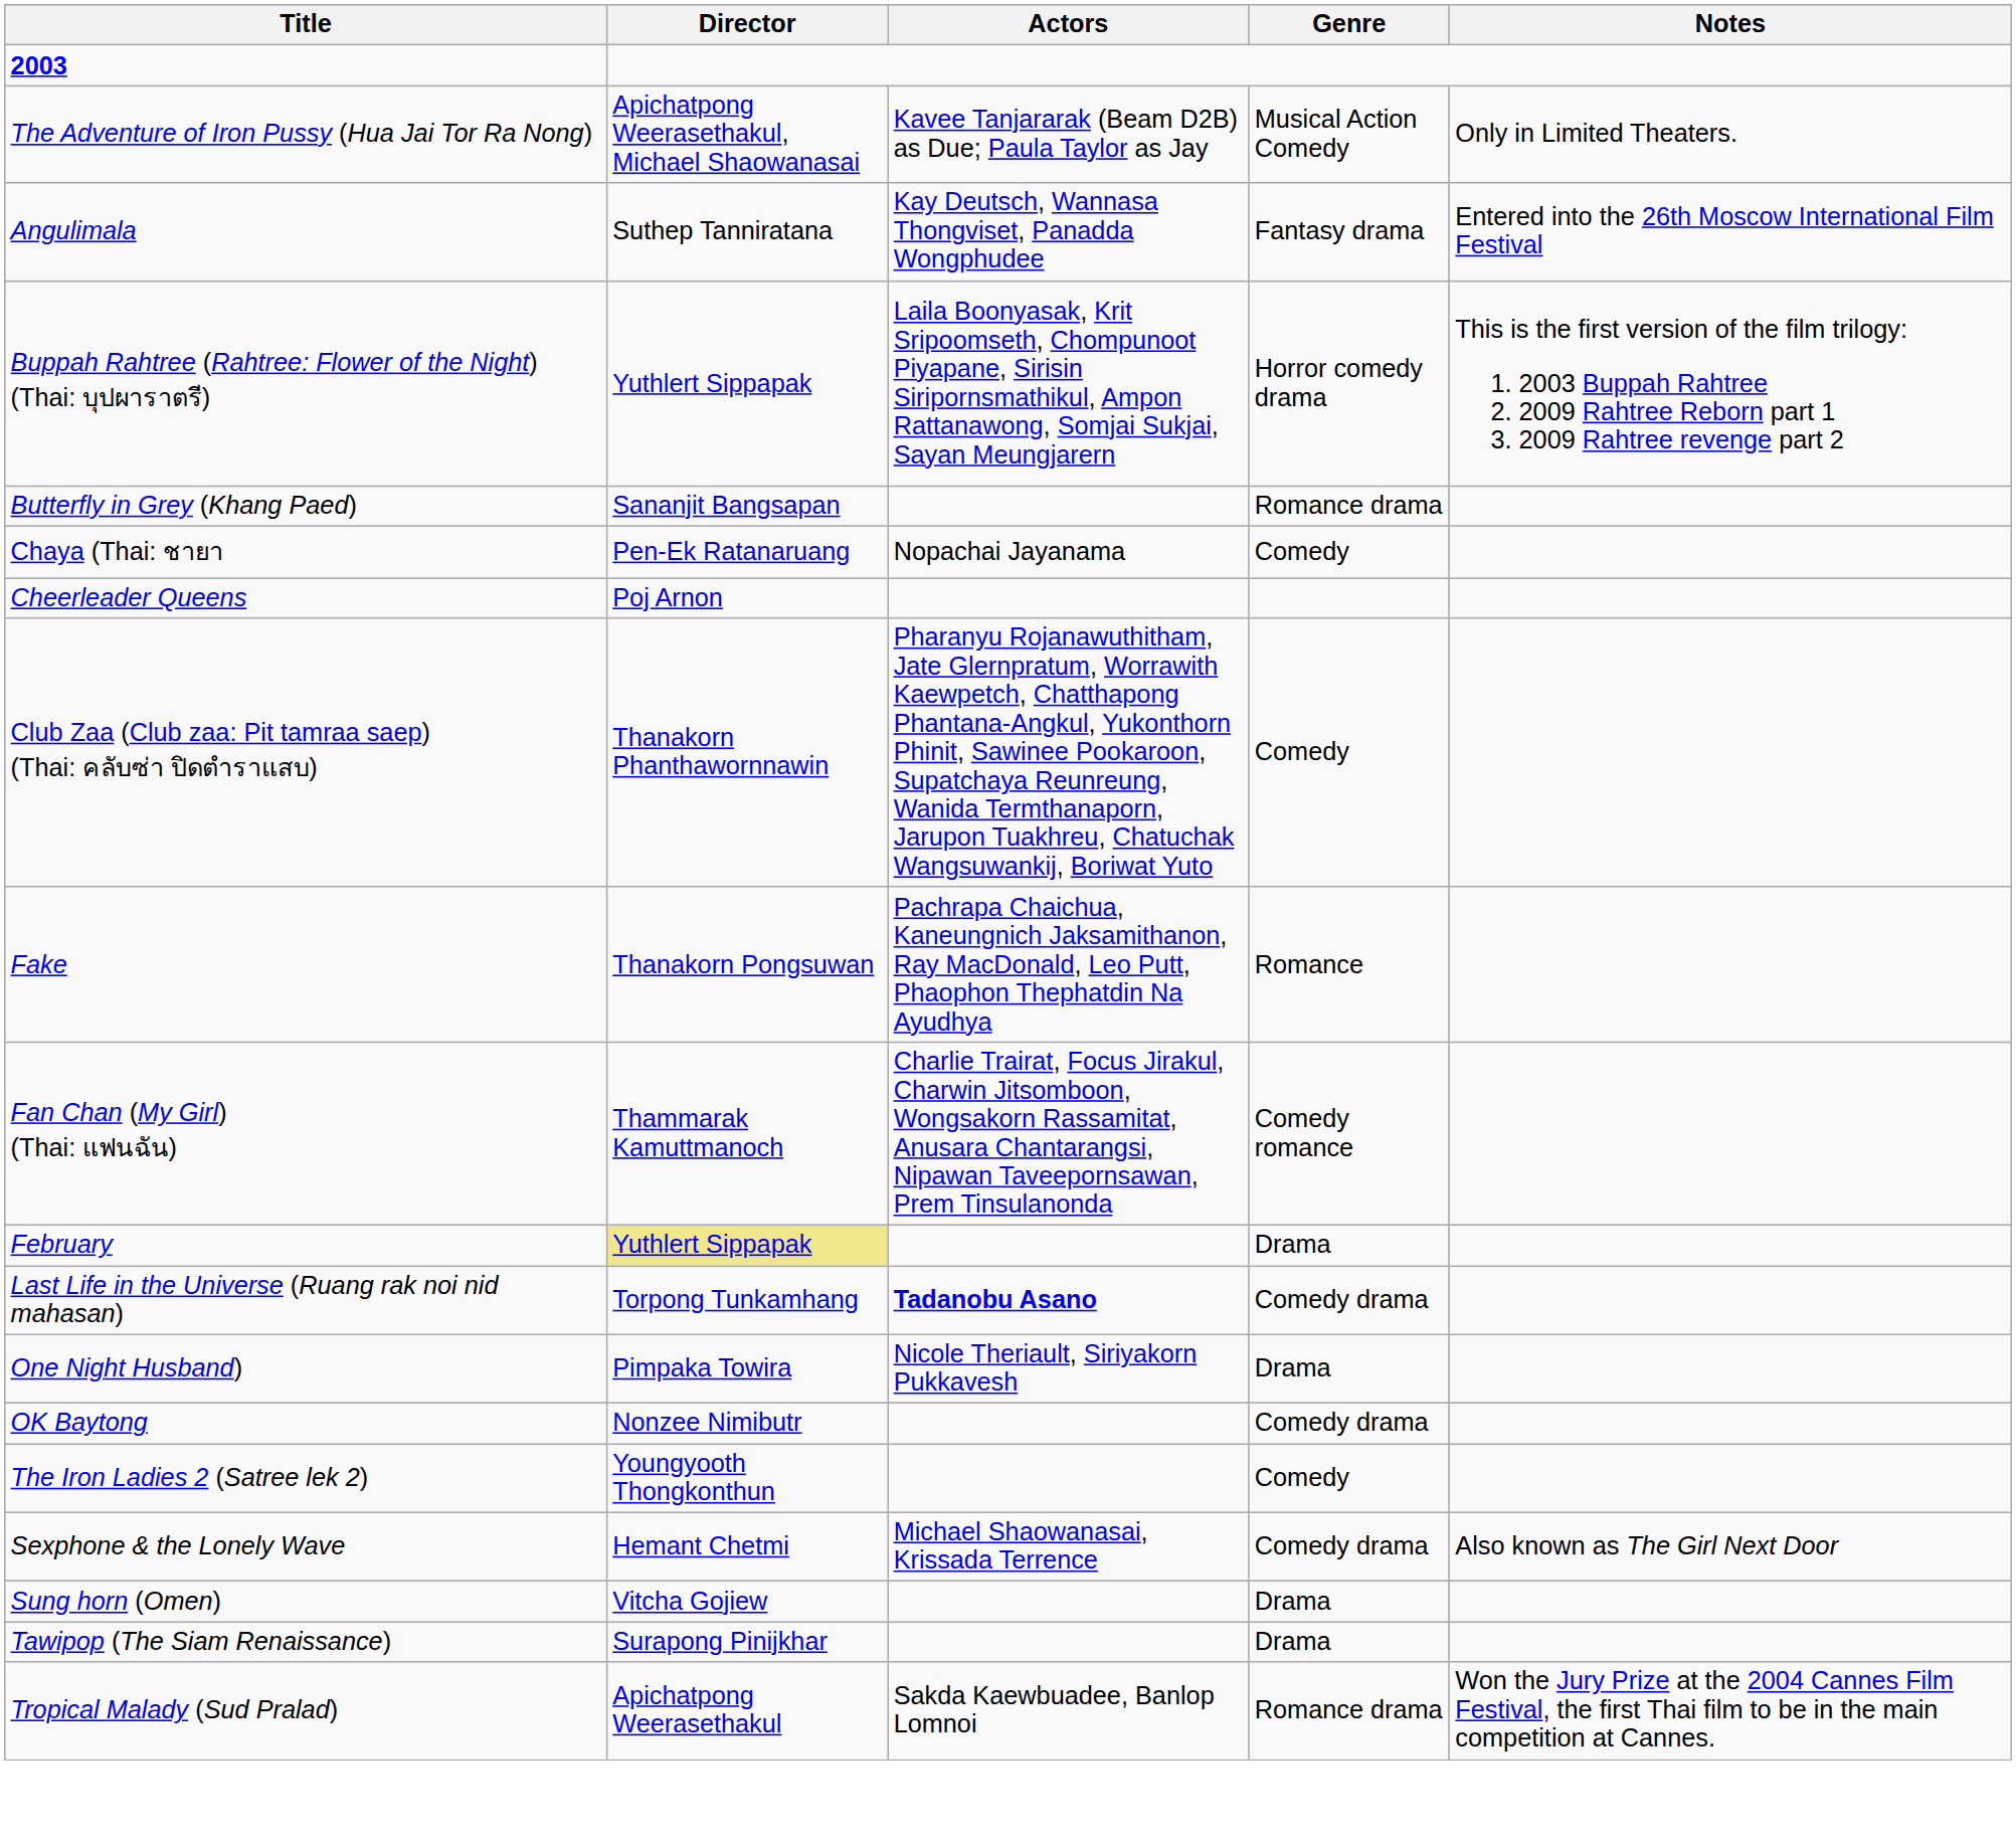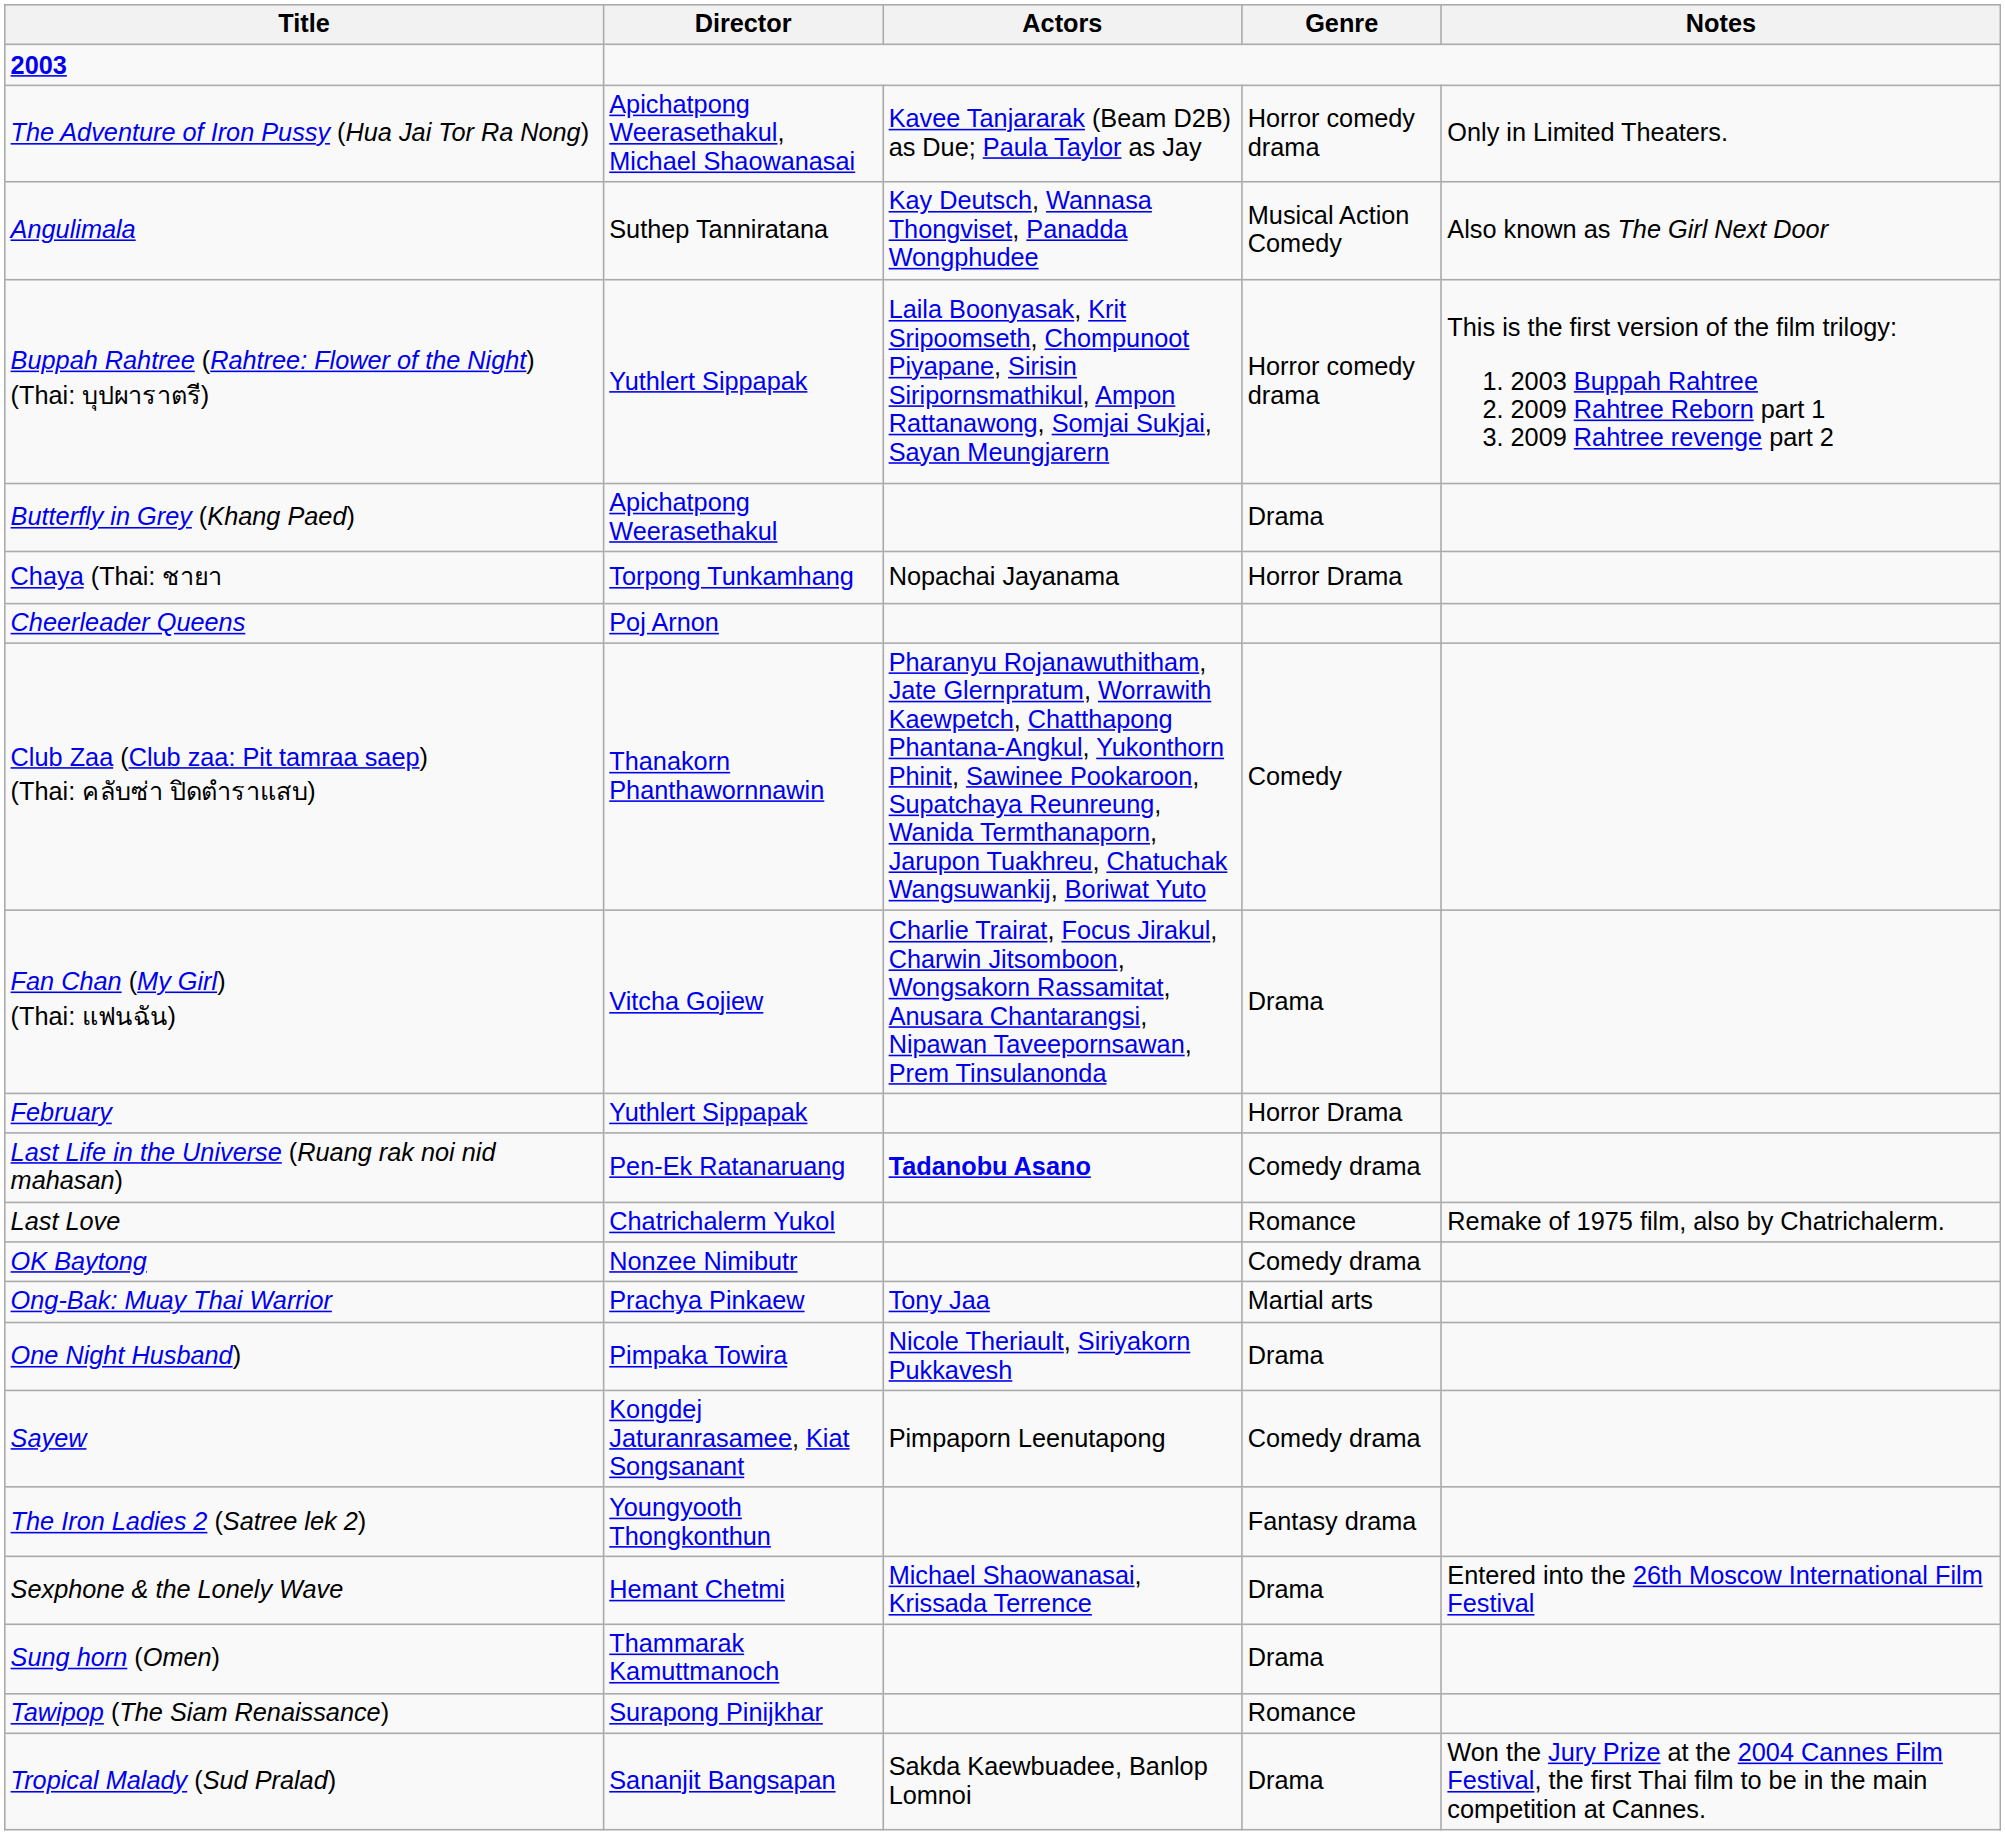 <table class="wikitable" style="width:100%;">
 <tr>
 <th style="width:30%;">Title</th>
 <th style="width:14%;">Director</th>
 <th style="width:18%;">Actors</th>
 <th style="width:10%;">Genre</th>
 <th style="width:28%;">Notes</th>
 </tr>
 <tr>
 <td><strong><a href='#'>2003</a></strong></td>
 </tr>
 <tr>
 <td><em><a href='#'>The Adventure of Iron Pussy</a></em> (<em>Hua Jai Tor Ra Nong</em>)</td>
 <td><a href='#'>Apichatpong Weerasethakul</a>, <a href='#'>Michael Shaowanasai</a></td>
 <td><a href='#'>Kavee Tanjararak</a> (Beam D2B) as Due; <a href='#'>Paula Taylor</a> as Jay</td>
-<td>Musical Action Comedy</td>
+<td>Horror comedy drama</td>
 <td>Only in Limited Theaters.</td>
 </tr>
 <tr>
 <td><em><a href='#'>Angulimala</a></em></td>
 <td>Suthep Tanniratana</td>
 <td><a href='#'>Kay Deutsch</a>, <a href='#'>Wannasa Thongviset</a>, <a href='#'>Panadda Wongphudee</a></td>
-<td>Fantasy drama</td>
-<td>Entered into the <a href='#'>26th Moscow International Film Festival</a></td>
+<td>Musical Action Comedy</td>
+<td>Also known as <em>The Girl Next Door</em></td>
 </tr>
 <tr>
 <td><em><a href='#'>Buppah Rahtree</a></em> (<em><a href='#'>Rahtree: Flower of the Night</a></em>)<br>(Thai: บุปผาราตรี)</td>
 <td><a href='#'>Yuthlert Sippapak</a></td>
 <td><a href='#'>Laila Boonyasak</a>, <a href='#'>Krit Sripoomseth</a>, <a href='#'>Chompunoot Piyapane</a>, <a href='#'>Sirisin Siripornsmathikul</a>, <a href='#'>Ampon Rattanawong</a>, <a href='#'>Somjai Sukjai</a>, <a href='#'>Sayan Meungjarern</a></td>
 <td>Horror comedy drama</td>
 <td><br>This is the first version of the film trilogy:<ol><li>2003 <a href='#'>Buppah Rahtree</a></li><li>2009 <a href='#'>Rahtree Reborn</a> part 1</li><li>2009 <a href='#'>Rahtree revenge</a> part 2</li></ol></td>
 </tr>
 <tr>
 <td><em><a href='#'>Butterfly in Grey</a></em> (<em>Khang Paed</em>)</td>
-<td><a href='#'>Sananjit Bangsapan</a></td>
+<td><a href='#'>Apichatpong Weerasethakul</a></td>
 <td></td>
-<td>Romance drama</td>
+<td>Drama</td>
 <td></td>
 </tr>
 <tr>
 <td><a href='#'>Chaya</a> (Thai: ชายา</td>
-<td><a href='#'>Pen-Ek Ratanaruang</a></td>
+<td><a href='#'>Torpong Tunkamhang</a></td>
 <td>Nopachai Jayanama</td>
-<td>Comedy</td>
+<td>Horror Drama</td>
 <td></td>
 </tr>
 <tr>
 <td><em><a href='#'>Cheerleader Queens</a></em></td>
 <td><a href='#'>Poj Arnon</a></td>
 <td></td>
 <td></td>
 <td></td>
 </tr>
 <tr>
 <td><a href='#'>Club Zaa</a> (<a href='#'>Club zaa: Pit tamraa saep</a>)<br>(Thai: คลับซ่า ปิดตำราแสบ)</td>
 <td><a href='#'>Thanakorn Phanthawornnawin</a></td>
 <td><a href='#'>Pharanyu Rojanawuthitham</a>, <a href='#'>Jate Glernpratum</a>, <a href='#'>Worrawith Kaewpetch</a>, <a href='#'>Chatthapong Phantana-Angkul</a>, <a href='#'>Yukonthorn Phinit</a>, <a href='#'>Sawinee Pookaroon</a>, <a href='#'>Supatchaya Reunreung</a>, <a href='#'>Wanida Termthanaporn</a>, <a href='#'>Jarupon Tuakhreu</a>, <a href='#'>Chatuchak Wangsuwankij</a>, <a href='#'>Boriwat Yuto</a></td>
 <td>Comedy</td>
 <td></td>
 </tr>
 <tr>
-<td><em><a href='#'>Fake</a></em></td>
-<td><a href='#'>Thanakorn Pongsuwan</a></td>
-<td><a href='#'>Pachrapa Chaichua</a>, <a href='#'>Kaneungnich Jaksamithanon</a>, <a href='#'>Ray MacDonald</a>, <a href='#'>Leo Putt</a>, <a href='#'>Phaophon Thephatdin Na Ayudhya</a></td>
-<td>Romance</td>
-<td></td>
-</tr>
-<tr>
 <td><em><a href='#'>Fan Chan</a></em> (<em><a href='#'>My Girl</a></em>)<br>(Thai:  แฟนฉัน)</td>
-<td><a href='#'>Thammarak Kamuttmanoch</a></td>
+<td><a href='#'>Vitcha Gojiew</a></td>
 <td><a href='#'>Charlie Trairat</a>, <a href='#'>Focus Jirakul</a>, <a href='#'>Charwin Jitsomboon</a>, <a href='#'>Wongsakorn Rassamitat</a>, <a href='#'>Anusara Chantarangsi</a>, <a href='#'>Nipawan Taveepornsawan</a>, <a href='#'>Prem Tinsulanonda</a></td>
-<td>Comedy romance</td>
+<td>Drama</td>
 <td></td>
 </tr>
 <tr>
 <td><em><a href='#'>February</a></em></td>
-<td style="background: khaki;"><a href='#'>Yuthlert Sippapak</a></td>
+<td><a href='#'>Yuthlert Sippapak</a></td>
 <td></td>
-<td>Drama</td>
+<td>Horror Drama</td>
 <td></td>
 </tr>
 <tr>
 <td><em><a href='#'>Last Life in the Universe</a></em> (<em>Ruang rak noi nid mahasan</em>)</td>
-<td><a href='#'>Torpong Tunkamhang</a></td>
+<td><a href='#'>Pen-Ek Ratanaruang</a></td>
 <td><strong><a href='#'>Tadanobu Asano</a></strong></td>
 <td>Comedy drama</td>
+<td></td>
+</tr>
+<tr>
+<td><em>Last Love</em></td>
+<td><a href='#'>Chatrichalerm Yukol</a></td>
+<td></td>
+<td>Romance</td>
+<td>Remake of 1975 film, also by Chatrichalerm.</td>
+</tr>
+<tr>
+<td><em><a href='#'>OK Baytong</a></em></td>
+<td><a href='#'>Nonzee Nimibutr</a></td>
+<td></td>
+<td>Comedy drama</td>
+<td></td>
+</tr>
+<tr>
+<td><em><a href='#'>Ong-Bak: Muay Thai Warrior</a></em></td>
+<td><a href='#'>Prachya Pinkaew</a></td>
+<td><a href='#'>Tony Jaa</a></td>
+<td>Martial arts</td>
 <td></td>
 </tr>
 <tr>
 <td><em><a href='#'>One Night Husband</a></em>)</td>
 <td><a href='#'>Pimpaka Towira</a></td>
 <td><a href='#'>Nicole Theriault</a>, <a href='#'>Siriyakorn Pukkavesh</a></td>
 <td>Drama</td>
 <td></td>
 </tr>
 <tr>
-<td><em><a href='#'>OK Baytong</a></em></td>
-<td><a href='#'>Nonzee Nimibutr</a></td>
-<td></td>
+<td><em><a href='#'>Sayew</a></em></td>
+<td><a href='#'>Kongdej Jaturanrasamee</a>, <a href='#'>Kiat Songsanant</a></td>
+<td>Pimpaporn Leenutapong</td>
 <td>Comedy drama</td>
 <td></td>
 </tr>
 <tr>
 <td><em><a href='#'>The Iron Ladies 2</a></em> (<em>Satree lek 2</em>)</td>
 <td><a href='#'>Youngyooth Thongkonthun</a></td>
 <td></td>
-<td>Comedy</td>
+<td>Fantasy drama</td>
 <td></td>
 </tr>
 <tr>
 <td><em>Sexphone & the Lonely Wave</em></td>
 <td><a href='#'>Hemant Chetmi</a></td>
 <td><a href='#'>Michael Shaowanasai</a>, <a href='#'>Krissada Terrence</a></td>
-<td>Comedy drama</td>
-<td>Also known as <em>The Girl Next Door</em></td>
+<td>Drama</td>
+<td>Entered into the <a href='#'>26th Moscow International Film Festival</a></td>
 </tr>
 <tr>
 <td><em><a href='#'>Sung horn</a></em> (<em>Omen</em>)</td>
-<td><a href='#'>Vitcha Gojiew</a></td>
+<td><a href='#'>Thammarak Kamuttmanoch</a></td>
 <td></td>
 <td>Drama</td>
 <td></td>
 </tr>
 <tr>
 <td><em><a href='#'>Tawipop</a></em> (<em>The Siam Renaissance</em>)</td>
 <td><a href='#'>Surapong Pinijkhar</a></td>
 <td></td>
-<td>Drama</td>
+<td>Romance</td>
 <td></td>
 </tr>
 <tr>
 <td><em><a href='#'>Tropical Malady</a></em> (<em>Sud Pralad</em>)</td>
-<td><a href='#'>Apichatpong Weerasethakul</a></td>
+<td><a href='#'>Sananjit Bangsapan</a></td>
 <td>Sakda Kaewbuadee, Banlop Lomnoi</td>
-<td>Romance drama</td>
+<td>Drama</td>
 <td>Won the <a href='#'>Jury Prize</a> at the <a href='#'>2004 Cannes Film Festival</a>, the first Thai film to be in the main competition at Cannes.</td>
 </tr>
 </table>
